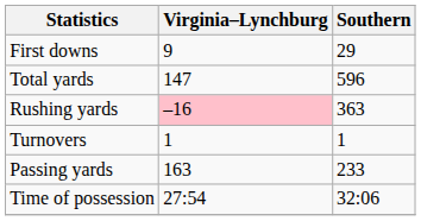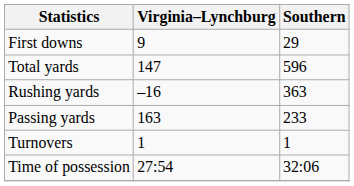 <table class="wikitable">
 <tr>
 <th>Statistics</th>
 <th>Virginia–Lynchburg</th>
 <th>Southern</th>
 </tr>
 <tr>
 <td>First downs</td>
 <td>9</td>
 <td>29</td>
 </tr>
 <tr>
 <td>Total yards</td>
 <td>147</td>
 <td>596</td>
 </tr>
 <tr>
 <td>Rushing yards</td>
-<td style="background: pink;">–16</td>
+<td>–16</td>
 <td>363</td>
+</tr>
+<tr>
+<td>Passing yards</td>
+<td>163</td>
+<td>233</td>
 </tr>
 <tr>
 <td>Turnovers</td>
 <td>1</td>
 <td>1</td>
-</tr>
-<tr>
-<td>Passing yards</td>
-<td>163</td>
-<td>233</td>
 </tr>
 <tr>
 <td>Time of possession</td>
 <td>27:54</td>
 <td>32:06</td>
 </tr>
 <tr>
 </tr>
 </table>
